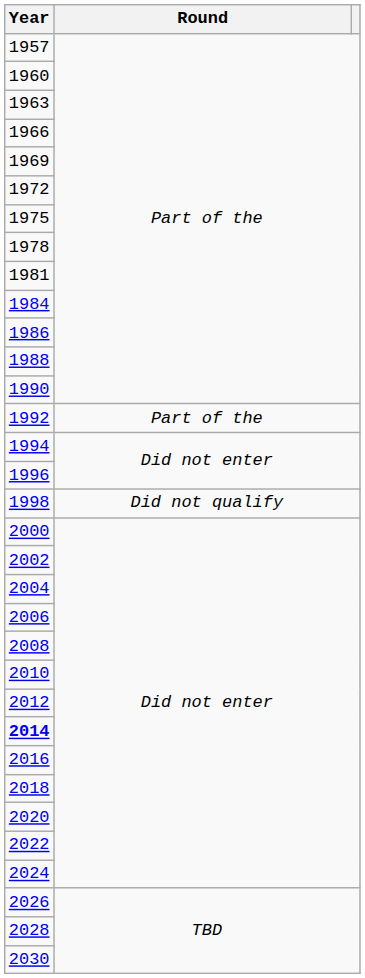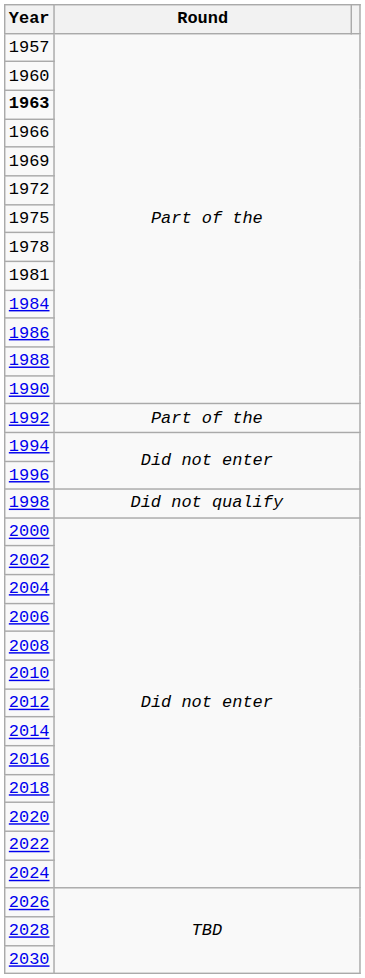 <table class="wikitable" style="text-align: center; font-size:90%">
 <tr>
 <th>Year</th>
 <th style="width:200px">Round</th>
 <th></th>
 </tr>
 <tr>
 <td>1957</td>
 <td colspan="2" rowspan="13"><em>Part of the </em></td>
 </tr>
 <tr>
 <td>1960</td>
 </tr>
 <tr>
-<td>1963</td>
+<td><strong>1963</strong></td>
 </tr>
 <tr>
 <td>1966</td>
 </tr>
 <tr>
 <td>1969</td>
 </tr>
 <tr>
 <td>1972</td>
 </tr>
 <tr>
 <td>1975</td>
 </tr>
 <tr>
 <td>1978</td>
 </tr>
 <tr>
 <td>1981</td>
 </tr>
 <tr>
 <td><a href='#'>1984</a></td>
 </tr>
 <tr>
 <td><a href='#'>1986</a></td>
 </tr>
 <tr>
 <td><a href='#'>1988</a></td>
 </tr>
 <tr>
 <td><a href='#'>1990</a></td>
 </tr>
 <tr>
 <td><a href='#'>1992</a></td>
 <td colspan="2"><em>Part of the </em></td>
 </tr>
 <tr>
 <td><a href='#'>1994</a></td>
 <td colspan="2" rowspan="2"><em>Did not enter</em></td>
 </tr>
 <tr>
 <td><a href='#'>1996</a></td>
 </tr>
 <tr>
 <td><a href='#'>1998</a></td>
 <td colspan="2"><em>Did not qualify</em></td>
 </tr>
 <tr>
 <td><a href='#'>2000</a></td>
 <td colspan="2" rowspan="13"><em>Did not enter</em></td>
 </tr>
 <tr>
 <td><a href='#'>2002</a></td>
 </tr>
 <tr>
 <td><a href='#'>2004</a></td>
 </tr>
 <tr>
 <td><a href='#'>2006</a></td>
 </tr>
 <tr>
 <td><a href='#'>2008</a></td>
 </tr>
 <tr>
 <td><a href='#'>2010</a></td>
 </tr>
 <tr>
 <td><a href='#'>2012</a></td>
 </tr>
 <tr>
-<td><strong><a href='#'>2014</a></strong></td>
+<td><a href='#'>2014</a></td>
 </tr>
 <tr>
 <td><a href='#'>2016</a></td>
 </tr>
 <tr>
 <td><a href='#'>2018</a></td>
 </tr>
 <tr>
 <td><a href='#'>2020</a></td>
 </tr>
 <tr>
 <td><a href='#'>2022</a></td>
 </tr>
 <tr>
 <td><a href='#'>2024</a></td>
 </tr>
 <tr>
 <td><a href='#'>2026</a></td>
 <td colspan="2" rowspan="3"><em>TBD</em></td>
 </tr>
 <tr>
 <td><a href='#'>2028</a></td>
 </tr>
 <tr>
 <td><a href='#'>2030</a></td>
 </tr>
 </table>
